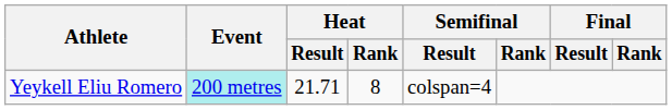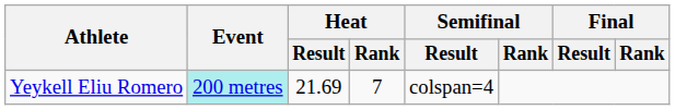 <table class="wikitable" style="font-size:90%">
 <tr>
 <th rowspan="2">Athlete</th>
 <th rowspan="2">Event</th>
 <th colspan="2">Heat</th>
 <th colspan="2">Semifinal</th>
 <th colspan="2">Final</th>
 </tr>
 <tr style="font-size:95%">
 <th>Result</th>
 <th>Rank</th>
 <th>Result</th>
 <th>Rank</th>
 <th>Result</th>
 <th>Rank</th>
 </tr>
 <tr align=center>
 <td align=left><a href='#'>Yeykell Eliu Romero</a></td>
 <td align=left style="background: paleturquoise;"><a href='#'>200 metres</a></td>
-<td>21.71</td>
-<td>8</td>
+<td>21.69</td>
+<td>7</td>
 <td>colspan=4 </td>
 </tr>
 </table>
